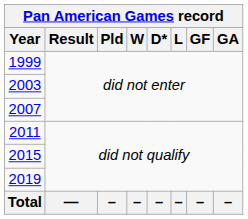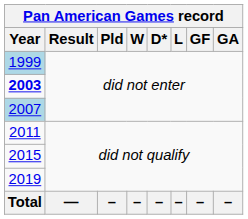 <table class="wikitable" style="text-align: center;">
 <tr>
 <th colspan=8><a href='#'>Pan American Games</a> record</th>
 </tr>
 <tr>
 <th>Year</th>
 <th>Result</th>
 <th>Pld</th>
 <th>W</th>
 <th>D*</th>
 <th>L</th>
 <th>GF</th>
 <th>GA</th>
 </tr>
 <tr>
-<td> <a href='#'>1999</a></td>
+<td style="background: lightblue;"> <a href='#'>1999</a></td>
 <td colspan=7 rowspan=3><em>did not enter</em></td>
 </tr>
 <tr>
-<td> <a href='#'>2003</a></td>
+<td><strong> <a href='#'>2003</a></strong></td>
 </tr>
 <tr>
-<td> <a href='#'>2007</a></td>
+<td style="background: lightblue;"> <a href='#'>2007</a></td>
 </tr>
 <tr>
 <td> <a href='#'>2011</a></td>
 <td colspan=7 rowspan=3><em>did not qualify</em></td>
 </tr>
 <tr>
 <td> <a href='#'>2015</a></td>
 </tr>
 <tr>
 <td> <a href='#'>2019</a></td>
 </tr>
 <tr>
 <th>Total</th>
 <th>—</th>
 <th>–</th>
 <th>–</th>
 <th>–</th>
 <th>–</th>
 <th>–</th>
 <th>–</th>
 </tr>
 </table>
